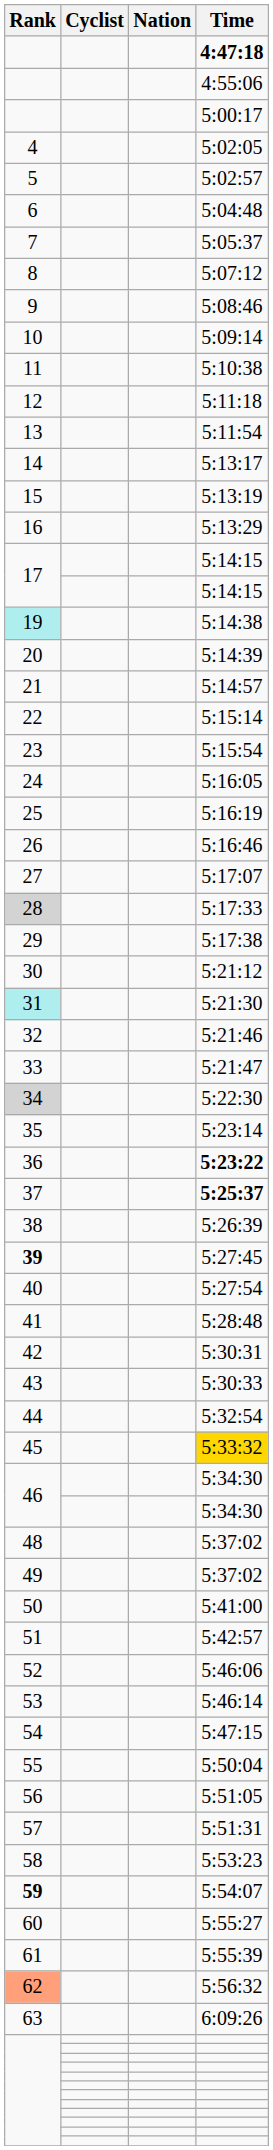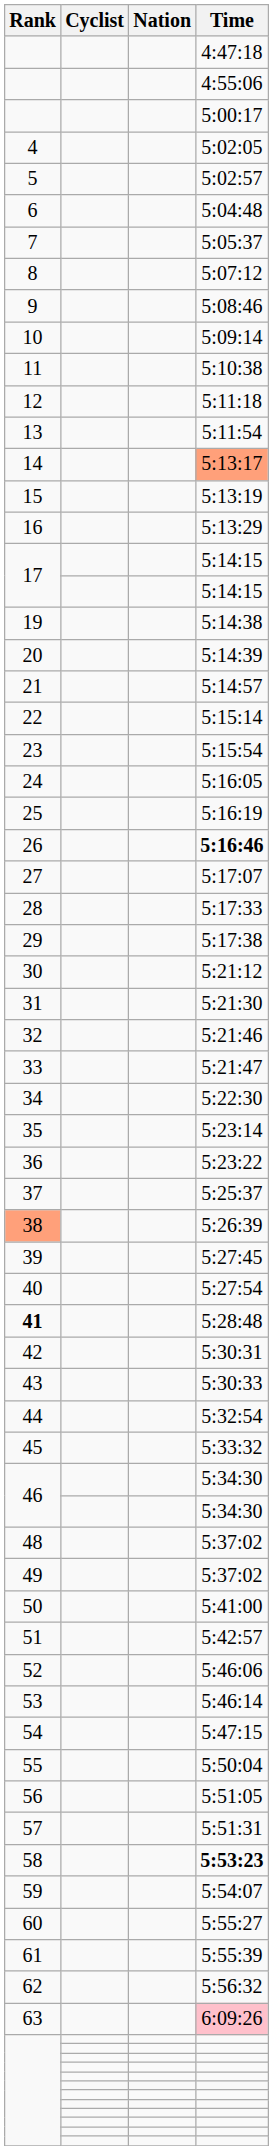 <table class="wikitable sortable" style="text-align:center;">
 <tr>
 <th>Rank</th>
 <th>Cyclist</th>
 <th>Nation</th>
 <th>Time</th>
 </tr>
 <tr>
 <td></td>
 <td align=left></td>
 <td align=left></td>
-<td><strong>4:47:18</strong></td>
+<td>4:47:18</td>
 </tr>
 <tr>
 <td></td>
 <td align=left></td>
 <td align=left></td>
 <td>4:55:06</td>
 </tr>
 <tr>
 <td></td>
 <td align=left></td>
 <td align=left></td>
 <td>5:00:17</td>
 </tr>
 <tr>
 <td>4</td>
 <td align=left></td>
 <td align=left></td>
 <td>5:02:05</td>
 </tr>
 <tr>
 <td>5</td>
 <td align=left></td>
 <td align=left></td>
 <td>5:02:57</td>
 </tr>
 <tr>
 <td>6</td>
 <td align=left></td>
 <td align=left></td>
 <td>5:04:48</td>
 </tr>
 <tr>
 <td>7</td>
 <td align=left></td>
 <td align=left></td>
 <td>5:05:37</td>
 </tr>
 <tr>
 <td>8</td>
 <td align=left></td>
 <td align=left></td>
 <td>5:07:12</td>
 </tr>
 <tr>
 <td>9</td>
 <td align=left></td>
 <td align=left></td>
 <td>5:08:46</td>
 </tr>
 <tr>
 <td>10</td>
 <td align=left></td>
 <td align=left></td>
 <td>5:09:14</td>
 </tr>
 <tr>
 <td>11</td>
 <td align=left></td>
 <td align=left></td>
 <td>5:10:38</td>
 </tr>
 <tr>
 <td>12</td>
 <td align=left></td>
 <td align=left></td>
 <td>5:11:18</td>
 </tr>
 <tr>
 <td>13</td>
 <td align=left></td>
 <td align=left></td>
 <td>5:11:54</td>
 </tr>
 <tr>
 <td>14</td>
 <td align=left></td>
 <td align=left></td>
-<td>5:13:17</td>
+<td style="background: lightsalmon;">5:13:17</td>
 </tr>
 <tr>
 <td>15</td>
 <td align=left></td>
 <td align=left></td>
 <td>5:13:19</td>
 </tr>
 <tr>
 <td>16</td>
 <td align=left></td>
 <td align=left></td>
 <td>5:13:29</td>
 </tr>
 <tr>
 <td rowspan=2>17</td>
 <td align=left></td>
 <td align=left></td>
 <td>5:14:15</td>
 </tr>
 <tr>
 <td align=left></td>
 <td align=left></td>
 <td>5:14:15</td>
 </tr>
 <tr>
-<td style="background: paleturquoise;">19</td>
+<td>19</td>
 <td align=left></td>
 <td align=left></td>
 <td>5:14:38</td>
 </tr>
 <tr>
 <td>20</td>
 <td align=left></td>
 <td align=left></td>
 <td>5:14:39</td>
 </tr>
 <tr>
 <td>21</td>
 <td align=left></td>
 <td align=left></td>
 <td>5:14:57</td>
 </tr>
 <tr>
 <td>22</td>
 <td align=left></td>
 <td align=left></td>
 <td>5:15:14</td>
 </tr>
 <tr>
 <td>23</td>
 <td align=left></td>
 <td align=left></td>
 <td>5:15:54</td>
 </tr>
 <tr>
 <td>24</td>
 <td align=left></td>
 <td align=left></td>
 <td>5:16:05</td>
 </tr>
 <tr>
 <td>25</td>
 <td align=left></td>
 <td align=left></td>
 <td>5:16:19</td>
 </tr>
 <tr>
 <td>26</td>
 <td align=left></td>
 <td align=left></td>
-<td>5:16:46</td>
+<td><strong>5:16:46</strong></td>
 </tr>
 <tr>
 <td>27</td>
 <td align=left></td>
 <td align=left></td>
 <td>5:17:07</td>
 </tr>
 <tr>
-<td style="background: lightgrey;">28</td>
+<td>28</td>
 <td align=left></td>
 <td align=left></td>
 <td>5:17:33</td>
 </tr>
 <tr>
 <td>29</td>
 <td align=left></td>
 <td align=left></td>
 <td>5:17:38</td>
 </tr>
 <tr>
 <td>30</td>
 <td align=left></td>
 <td align=left></td>
 <td>5:21:12</td>
 </tr>
 <tr>
-<td style="background: paleturquoise;">31</td>
+<td>31</td>
 <td align=left></td>
 <td align=left></td>
 <td>5:21:30</td>
 </tr>
 <tr>
 <td>32</td>
 <td align=left></td>
 <td align=left></td>
 <td>5:21:46</td>
 </tr>
 <tr>
 <td>33</td>
 <td align=left></td>
 <td align=left></td>
 <td>5:21:47</td>
 </tr>
 <tr>
-<td style="background: lightgrey;">34</td>
+<td>34</td>
 <td align=left></td>
 <td align=left></td>
 <td>5:22:30</td>
 </tr>
 <tr>
 <td>35</td>
 <td align=left></td>
 <td align=left></td>
 <td>5:23:14</td>
 </tr>
 <tr>
 <td>36</td>
 <td align=left></td>
 <td align=left></td>
-<td><strong>5:23:22</strong></td>
+<td>5:23:22</td>
 </tr>
 <tr>
 <td>37</td>
 <td align=left></td>
 <td align=left></td>
-<td><strong>5:25:37</strong></td>
+<td>5:25:37</td>
 </tr>
 <tr>
-<td>38</td>
+<td style="background: lightsalmon;">38</td>
 <td align=left></td>
 <td align=left></td>
 <td>5:26:39</td>
 </tr>
 <tr>
-<td><strong>39</strong></td>
+<td>39</td>
 <td align=left></td>
 <td align=left></td>
 <td>5:27:45</td>
 </tr>
 <tr>
 <td>40</td>
 <td align=left></td>
 <td align=left></td>
 <td>5:27:54</td>
 </tr>
 <tr>
-<td>41</td>
+<td><strong>41</strong></td>
 <td align=left></td>
 <td align=left></td>
 <td>5:28:48</td>
 </tr>
 <tr>
 <td>42</td>
 <td align=left></td>
 <td align=left></td>
 <td>5:30:31</td>
 </tr>
 <tr>
 <td>43</td>
 <td align=left></td>
 <td align=left></td>
 <td>5:30:33</td>
 </tr>
 <tr>
 <td>44</td>
 <td align=left></td>
 <td align=left></td>
 <td>5:32:54</td>
 </tr>
 <tr>
 <td>45</td>
 <td align=left></td>
 <td align=left></td>
-<td style="background: gold;">5:33:32</td>
+<td>5:33:32</td>
 </tr>
 <tr>
 <td rowspan=2>46</td>
 <td align=left></td>
 <td align=left></td>
 <td>5:34:30</td>
 </tr>
 <tr>
 <td align=left></td>
 <td align=left></td>
 <td>5:34:30</td>
 </tr>
 <tr>
 <td>48</td>
 <td align=left></td>
 <td align=left></td>
 <td>5:37:02</td>
 </tr>
 <tr>
 <td>49</td>
 <td align=left></td>
 <td align=left></td>
 <td>5:37:02</td>
 </tr>
 <tr>
 <td>50</td>
 <td align=left></td>
 <td align=left></td>
 <td>5:41:00</td>
 </tr>
 <tr>
 <td>51</td>
 <td align=left></td>
 <td align=left></td>
 <td>5:42:57</td>
 </tr>
 <tr>
 <td>52</td>
 <td align=left></td>
 <td align=left></td>
 <td>5:46:06</td>
 </tr>
 <tr>
 <td>53</td>
 <td align=left></td>
 <td align=left></td>
 <td>5:46:14</td>
 </tr>
 <tr>
 <td>54</td>
 <td align=left></td>
 <td align=left></td>
 <td>5:47:15</td>
 </tr>
 <tr>
 <td>55</td>
 <td align=left></td>
 <td align=left></td>
 <td>5:50:04</td>
 </tr>
 <tr>
 <td>56</td>
 <td align=left></td>
 <td align=left></td>
 <td>5:51:05</td>
 </tr>
 <tr>
 <td>57</td>
 <td align=left></td>
 <td align=left></td>
 <td>5:51:31</td>
 </tr>
 <tr>
 <td>58</td>
 <td align=left></td>
 <td align=left></td>
-<td>5:53:23</td>
+<td><strong>5:53:23</strong></td>
 </tr>
 <tr>
-<td><strong>59</strong></td>
+<td>59</td>
 <td align=left></td>
 <td align=left></td>
 <td>5:54:07</td>
 </tr>
 <tr>
 <td>60</td>
 <td align=left></td>
 <td align=left></td>
 <td>5:55:27</td>
 </tr>
 <tr>
 <td>61</td>
 <td align=left></td>
 <td align=left></td>
 <td>5:55:39</td>
 </tr>
 <tr>
-<td style="background: lightsalmon;">62</td>
+<td>62</td>
 <td align=left></td>
 <td align=left></td>
 <td>5:56:32</td>
 </tr>
 <tr>
 <td>63</td>
 <td align=left></td>
 <td align=left></td>
-<td>6:09:26</td>
+<td style="background: pink;">6:09:26</td>
 </tr>
 <tr>
 <td rowspan=12></td>
 <td align=left></td>
 <td align=left></td>
 <td></td>
 </tr>
 <tr>
 <td align=left></td>
 <td align=left></td>
 <td></td>
 </tr>
 <tr>
 <td align=left></td>
 <td align=left></td>
 <td></td>
 </tr>
 <tr>
 <td align=left></td>
 <td align=left></td>
 <td></td>
 </tr>
 <tr>
 <td align=left></td>
 <td align=left></td>
 <td></td>
 </tr>
 <tr>
 <td align=left></td>
 <td align=left></td>
 <td></td>
 </tr>
 <tr>
 <td align=left></td>
 <td align=left></td>
 <td></td>
 </tr>
 <tr>
 <td align=left></td>
 <td align=left></td>
 <td></td>
 </tr>
 <tr>
 <td align=left></td>
 <td align=left></td>
 <td></td>
 </tr>
 <tr>
 <td align=left></td>
 <td align=left></td>
 <td></td>
 </tr>
 <tr>
 <td align=left></td>
 <td align=left></td>
 <td></td>
 </tr>
 <tr>
 <td align=left></td>
 <td align=left></td>
 <td></td>
 </tr>
 </table>
